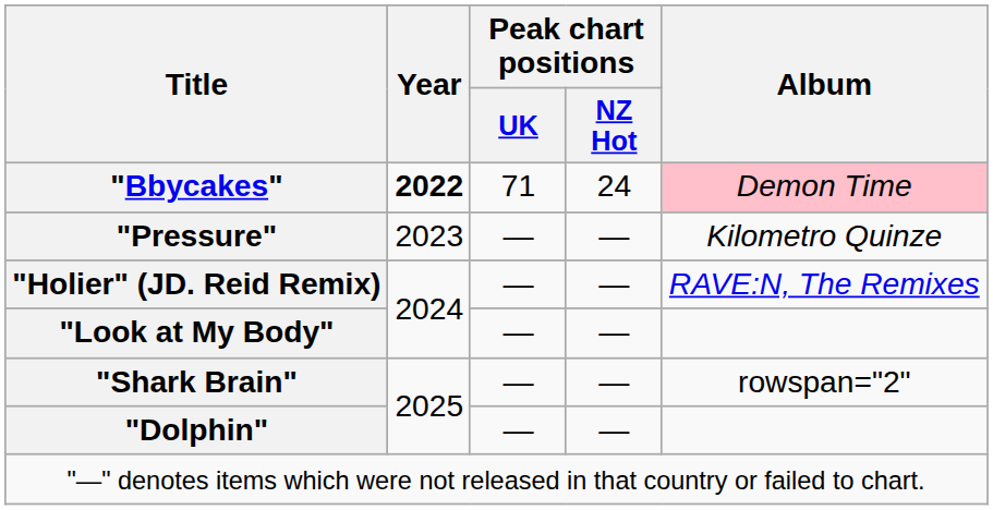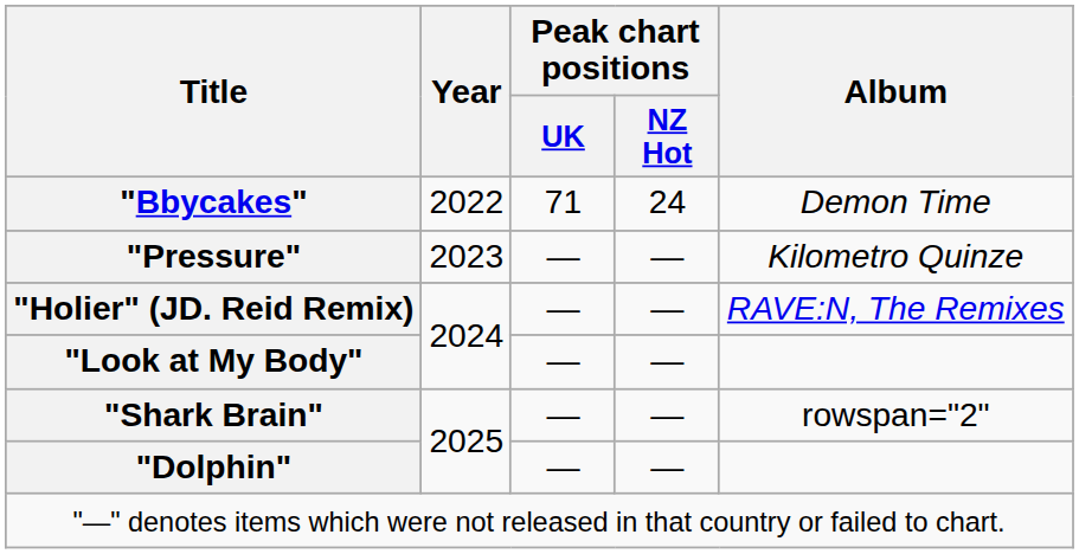 <table class="wikitable plainrowheaders" style="text-align:center">
 <tr>
 <th rowspan="2" scope="col">Title</th>
 <th rowspan="2" scope="col">Year</th>
 <th colspan="2">Peak chart positions</th>
 <th rowspan="2" scope="col">Album</th>
 </tr>
 <tr>
 <th scope="col" style="width:3em;font-size:90%;"><a href='#'>UK</a><br></th>
 <th scope="col" style="width:3em;font-size:90%;"><a href='#'>NZ<br>Hot</a><br></th>
 </tr>
 <tr>
 <th scope="row">"<a href='#'>Bbycakes</a>"<br></th>
-<td><strong>2022</strong></td>
+<td>2022</td>
 <td>71</td>
 <td>24</td>
-<td style="background: pink;"><em>Demon Time</em></td>
+<td><em>Demon Time</em></td>
 </tr>
 <tr>
 <th scope="row">"Pressure"<br></th>
 <td>2023</td>
 <td>—</td>
 <td>—</td>
 <td><em>Kilometro Quinze</em></td>
 </tr>
 <tr>
 <th scope="row">"Holier" (JD. Reid Remix)<br></th>
 <td rowspan="2">2024</td>
 <td>—</td>
 <td>—</td>
 <td><em><a href='#'>RAVE:N, The Remixes</a></em></td>
 </tr>
 <tr>
 <th scope="row">"Look at My Body"<br></th>
 <td>—</td>
 <td>—</td>
 <td></td>
 </tr>
 <tr>
 <th scope="row">"Shark Brain"<br></th>
 <td rowspan="2">2025</td>
 <td>—</td>
 <td>—</td>
 <td>rowspan="2" </td>
 </tr>
 <tr>
 <th scope="row">"Dolphin"<br></th>
 <td>—</td>
 <td>—</td>
 </tr>
 <tr>
 <td colspan="5"><small>"—" denotes items which were not released in that country or failed to chart.</small></td>
 </tr>
 </table>
